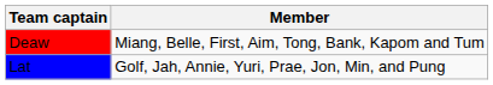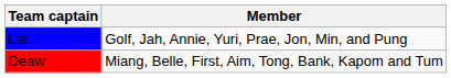 <table class="wikitable">
 <tr>
 <th>Team captain</th>
 <th>Member</th>
 </tr>
 <tr>
+<td style="background:#0000FF"><span>Lat</span></td>
+<td>Golf, Jah, Annie, Yuri, Prae, Jon, Min, and Pung</td>
+</tr>
+<tr>
 <td style="background:red"><span>Deaw</span></td>
 <td>Miang, Belle, First, Aim, Tong, Bank, Kapom and Tum</td>
 </tr>
-<tr>
-<td style="background:#0000FF"><span>Lat</span></td>
-<td>Golf, Jah, Annie, Yuri, Prae, Jon, Min, and Pung</td>
-</tr>
 </table>
